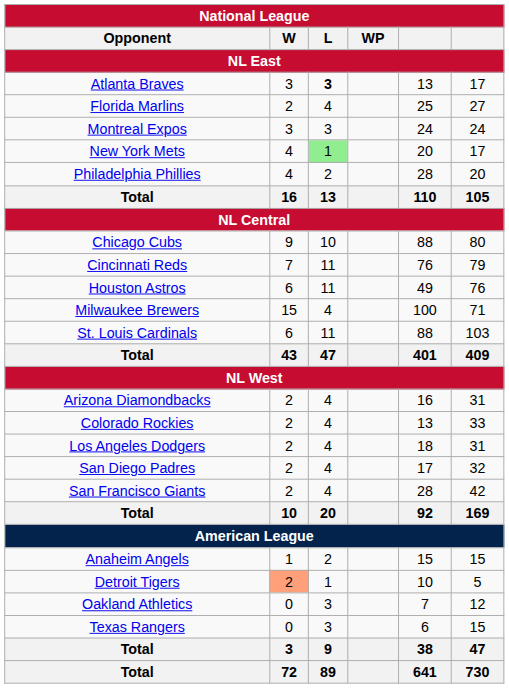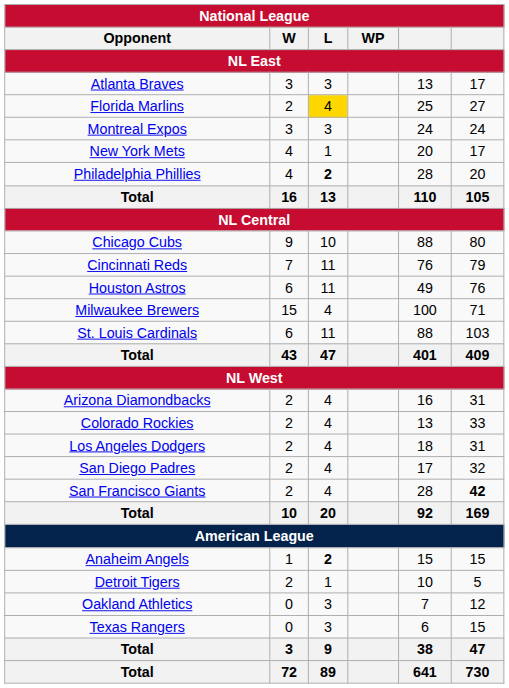 <table class="wikitable" style="font-size:95%; text-align:center; width:35em;margin: 0.5em auto;">
 <tr>
 <td colspan="7" style="background:#c60c30;color:#fff"><strong>National League</strong></td>
 </tr>
 <tr>
 <th>Opponent</th>
 <th>W</th>
 <th>L</th>
 <th>WP</th>
 <th></th>
 <th></th>
 </tr>
 <tr>
 <td colspan="7" style="background:#c60c30;color:#fff"><strong>NL East</strong></td>
 </tr>
 <tr>
 <td><a href='#'>Atlanta Braves</a></td>
 <td>3</td>
-<td><strong>3</strong></td>
+<td>3</td>
 <td></td>
 <td>13</td>
 <td>17</td>
 </tr>
 <tr>
 <td><a href='#'>Florida Marlins</a></td>
 <td>2</td>
-<td>4</td>
+<td style="background: gold;">4</td>
 <td></td>
 <td>25</td>
 <td>27</td>
 </tr>
 <tr>
 <td><a href='#'>Montreal Expos</a></td>
 <td>3</td>
 <td>3</td>
 <td></td>
 <td>24</td>
 <td>24</td>
 </tr>
 <tr>
 <td><a href='#'>New York Mets</a></td>
 <td>4</td>
-<td style="background: lightgreen;">1</td>
+<td>1</td>
 <td></td>
 <td>20</td>
 <td>17</td>
 </tr>
 <tr>
 <td><a href='#'>Philadelphia Phillies</a></td>
 <td>4</td>
-<td>2</td>
+<td><strong>2</strong></td>
 <td></td>
 <td>28</td>
 <td>20</td>
 </tr>
 <tr>
 <th>Total</th>
 <th>16</th>
 <th>13</th>
 <th></th>
 <th>110</th>
 <th>105</th>
 </tr>
 <tr>
 <td colspan="7" style="background:#c60c30;color:#fff"><strong>NL Central</strong></td>
 </tr>
 <tr>
 <td><a href='#'>Chicago Cubs</a></td>
 <td>9</td>
 <td>10</td>
 <td></td>
 <td>88</td>
 <td>80</td>
 </tr>
 <tr>
 <td><a href='#'>Cincinnati Reds</a></td>
 <td>7</td>
 <td>11</td>
 <td></td>
 <td>76</td>
 <td>79</td>
 </tr>
 <tr>
 <td><a href='#'>Houston Astros</a></td>
 <td>6</td>
 <td>11</td>
 <td></td>
 <td>49</td>
 <td>76</td>
 </tr>
 <tr>
 <td><a href='#'>Milwaukee Brewers</a></td>
 <td>15</td>
 <td>4</td>
 <td></td>
 <td>100</td>
 <td>71</td>
 </tr>
 <tr>
 <td><a href='#'>St. Louis Cardinals</a></td>
 <td>6</td>
 <td>11</td>
 <td></td>
 <td>88</td>
 <td>103</td>
 </tr>
 <tr>
 <th>Total</th>
 <th>43</th>
 <th>47</th>
 <th></th>
 <th>401</th>
 <th>409</th>
 </tr>
 <tr>
 <td colspan="7" style="background:#c60c30;color:#fff"><strong>NL West</strong></td>
 </tr>
 <tr>
 <td><a href='#'>Arizona Diamondbacks</a></td>
 <td>2</td>
 <td>4</td>
 <td></td>
 <td>16</td>
 <td>31</td>
 </tr>
 <tr>
 <td><a href='#'>Colorado Rockies</a></td>
 <td>2</td>
 <td>4</td>
 <td></td>
 <td>13</td>
 <td>33</td>
 </tr>
 <tr>
 <td><a href='#'>Los Angeles Dodgers</a></td>
 <td>2</td>
 <td>4</td>
 <td></td>
 <td>18</td>
 <td>31</td>
 </tr>
 <tr>
 <td><a href='#'>San Diego Padres</a></td>
 <td>2</td>
 <td>4</td>
 <td></td>
 <td>17</td>
 <td>32</td>
 </tr>
 <tr>
 <td><a href='#'>San Francisco Giants</a></td>
 <td>2</td>
 <td>4</td>
 <td></td>
 <td>28</td>
-<td>42</td>
+<td><strong>42</strong></td>
 </tr>
 <tr>
 <th>Total</th>
 <th>10</th>
 <th>20</th>
 <th></th>
 <th>92</th>
 <th>169</th>
 </tr>
 <tr>
 <td colspan="7" style="background:#03224c;color:#fff"><strong>American League</strong></td>
 </tr>
 <tr>
 <td><a href='#'>Anaheim Angels</a></td>
 <td>1</td>
-<td>2</td>
+<td><strong>2</strong></td>
 <td></td>
 <td>15</td>
 <td>15</td>
 </tr>
 <tr>
 <td><a href='#'>Detroit Tigers</a></td>
-<td style="background: lightsalmon;">2</td>
+<td>2</td>
 <td>1</td>
 <td></td>
 <td>10</td>
 <td>5</td>
 </tr>
 <tr>
 <td><a href='#'>Oakland Athletics</a></td>
 <td>0</td>
 <td>3</td>
 <td></td>
 <td>7</td>
 <td>12</td>
 </tr>
 <tr>
 <td><a href='#'>Texas Rangers</a></td>
 <td>0</td>
 <td>3</td>
 <td></td>
 <td>6</td>
 <td>15</td>
 </tr>
 <tr>
 <th>Total</th>
 <th>3</th>
 <th>9</th>
 <th></th>
 <th>38</th>
 <th>47</th>
 </tr>
 <tr>
 <th>Total</th>
 <th>72</th>
 <th>89</th>
 <th></th>
 <th>641</th>
 <th>730</th>
 </tr>
 </table>
